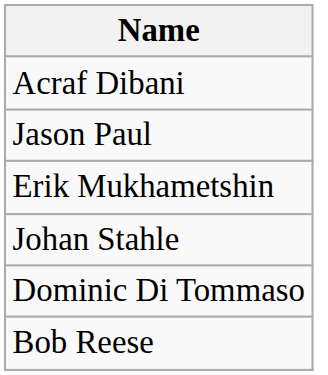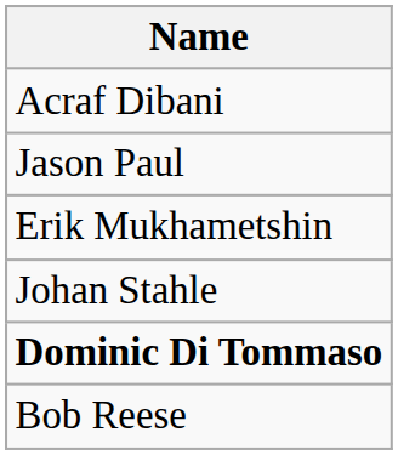 <table class="wikitable">
 <tr>
 <th>Name</th>
 </tr>
 <tr>
 <td> Acraf Dibani</td>
 </tr>
 <tr>
 <td> Jason Paul</td>
 </tr>
 <tr>
 <td> Erik Mukhametshin</td>
 </tr>
 <tr>
 <td> Johan Stahle</td>
 </tr>
 <tr>
-<td> Dominic Di Tommaso</td>
+<td><strong> Dominic Di Tommaso</strong></td>
 </tr>
 <tr>
 <td> Bob Reese</td>
 </tr>
 </table>
